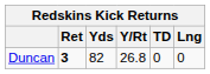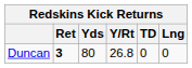 <table class="wikitable">
 <tr>
 <th colspan="6">Redskins Kick Returns</th>
 </tr>
 <tr>
 <th></th>
 <th>Ret</th>
 <th>Yds</th>
 <th>Y/Rt</th>
 <th>TD</th>
 <th>Lng</th>
 </tr>
 <tr>
 <td><a href='#'>Duncan</a></td>
 <td><strong>3</strong></td>
-<td>82</td>
+<td>80</td>
 <td>26.8</td>
 <td>0</td>
 <td>0</td>
 </tr>
 </table>
